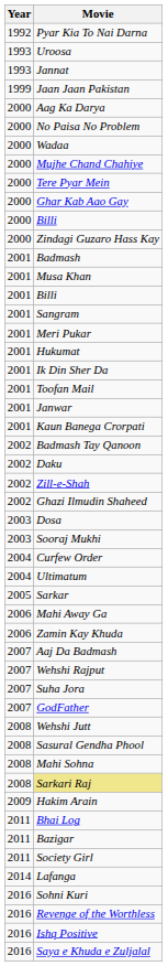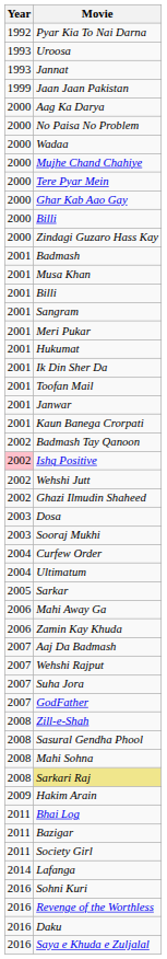 <table class="wikitable">
 <tr>
 <th><strong>Year</strong></th>
 <th><strong>Movie</strong></th>
 </tr>
 <tr>
 <td>1992</td>
 <td><em>Pyar Kia To Nai Darna</em></td>
 </tr>
 <tr>
 <td>1993</td>
 <td><em>Uroosa</em></td>
 </tr>
 <tr>
 <td>1993</td>
 <td><em>Jannat</em></td>
 </tr>
 <tr>
 <td>1999</td>
 <td><em>Jaan Jaan Pakistan</em></td>
 </tr>
 <tr>
 <td>2000</td>
 <td><em>Aag Ka Darya</em></td>
 </tr>
 <tr>
 <td>2000</td>
 <td><em>No Paisa No Problem</em></td>
 </tr>
 <tr>
 <td>2000</td>
 <td><em>Wadaa</em></td>
 </tr>
 <tr>
 <td>2000</td>
 <td><em><a href='#'>Mujhe Chand Chahiye</a></em></td>
 </tr>
 <tr>
 <td>2000</td>
 <td><em><a href='#'>Tere Pyar Mein</a></em></td>
 </tr>
 <tr>
 <td>2000</td>
 <td><em><a href='#'>Ghar Kab Aao Gay</a></em></td>
 </tr>
 <tr>
 <td>2000</td>
 <td><em><a href='#'>Billi</a></em></td>
 </tr>
 <tr>
 <td>2000</td>
 <td><em>Zindagi Guzaro Hass Kay</em></td>
 </tr>
 <tr>
 <td>2001</td>
 <td><em>Badmash</em></td>
 </tr>
 <tr>
 <td>2001</td>
 <td><em>Musa Khan</em></td>
 </tr>
 <tr>
 <td>2001</td>
 <td><em>Billi</em></td>
 </tr>
 <tr>
 <td>2001</td>
 <td><em>Sangram</em></td>
 </tr>
 <tr>
 <td>2001</td>
 <td><em>Meri Pukar</em></td>
 </tr>
 <tr>
 <td>2001</td>
 <td><em>Hukumat</em></td>
 </tr>
 <tr>
 <td>2001</td>
 <td><em>Ik Din Sher Da</em></td>
 </tr>
 <tr>
 <td>2001</td>
 <td><em>Toofan Mail</em></td>
 </tr>
 <tr>
 <td>2001</td>
 <td><em>Janwar</em></td>
 </tr>
 <tr>
 <td>2001</td>
 <td><em>Kaun Banega Crorpati</em></td>
 </tr>
 <tr>
 <td>2002</td>
 <td><em>Badmash Tay Qanoon</em></td>
 </tr>
 <tr>
-<td>2002</td>
-<td><em>Daku</em></td>
+<td style="background: pink;">2002</td>
+<td><em><a href='#'>Ishq Positive</a></em></td>
 </tr>
 <tr>
 <td>2002</td>
-<td><em><a href='#'>Zill-e-Shah</a></em></td>
+<td><em>Wehshi Jutt</em></td>
 </tr>
 <tr>
 <td>2002</td>
 <td><em>Ghazi Ilmudin Shaheed</em></td>
 </tr>
 <tr>
 <td>2003</td>
 <td><em>Dosa</em></td>
 </tr>
 <tr>
 <td>2003</td>
 <td><em>Sooraj Mukhi</em></td>
 </tr>
 <tr>
 <td>2004</td>
 <td><em>Curfew Order</em></td>
 </tr>
 <tr>
 <td>2004</td>
 <td><em>Ultimatum</em></td>
 </tr>
 <tr>
 <td>2005</td>
 <td><em>Sarkar</em></td>
 </tr>
 <tr>
 <td>2006</td>
 <td><em>Mahi Away Ga</em></td>
 </tr>
 <tr>
 <td>2006</td>
 <td><em>Zamin Kay Khuda</em></td>
 </tr>
 <tr>
 <td>2007</td>
 <td><em>Aaj Da Badmash</em></td>
 </tr>
 <tr>
 <td>2007</td>
 <td><em>Wehshi Rajput</em></td>
 </tr>
 <tr>
 <td>2007</td>
 <td><em>Suha Jora</em></td>
 </tr>
 <tr>
 <td>2007</td>
 <td><em><a href='#'>GodFather</a></em></td>
 </tr>
 <tr>
 <td>2008</td>
-<td><em>Wehshi Jutt</em></td>
+<td><em><a href='#'>Zill-e-Shah</a></em></td>
 </tr>
 <tr>
 <td>2008</td>
 <td><em>Sasural Gendha Phool</em></td>
 </tr>
 <tr>
 <td>2008</td>
 <td><em>Mahi Sohna</em></td>
 </tr>
 <tr>
 <td>2008</td>
 <td style="background: khaki;"><em>Sarkari Raj</em></td>
 </tr>
 <tr>
 <td>2009</td>
 <td><em>Hakim Arain</em></td>
 </tr>
 <tr>
 <td>2011</td>
 <td><em><a href='#'>Bhai Log</a></em></td>
 </tr>
 <tr>
 <td>2011</td>
 <td><em>Bazigar</em></td>
 </tr>
 <tr>
 <td>2011</td>
 <td><em>Society Girl</em></td>
 </tr>
 <tr>
 <td>2014</td>
 <td><em>Lafanga</em></td>
 </tr>
 <tr>
 <td>2016</td>
 <td><em>Sohni Kuri</em></td>
 </tr>
 <tr>
 <td>2016</td>
 <td><em><a href='#'>Revenge of the Worthless</a></em></td>
 </tr>
 <tr>
 <td>2016</td>
-<td><em><a href='#'>Ishq Positive</a></em></td>
+<td><em>Daku</em></td>
 </tr>
 <tr>
 <td>2016</td>
 <td><em><a href='#'>Saya e Khuda e Zuljalal</a></em></td>
 </tr>
 </table>
